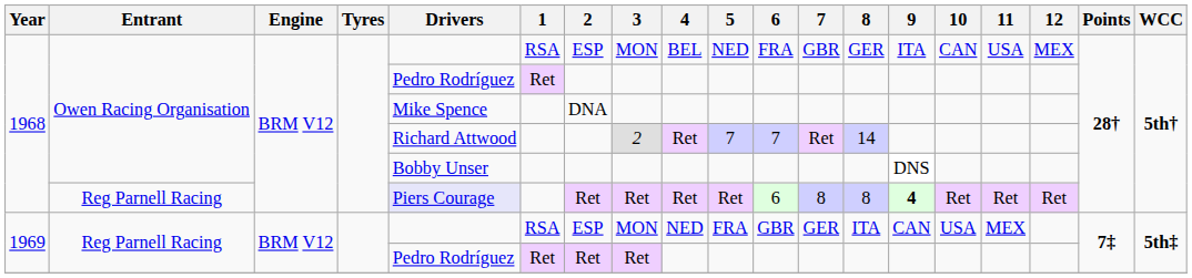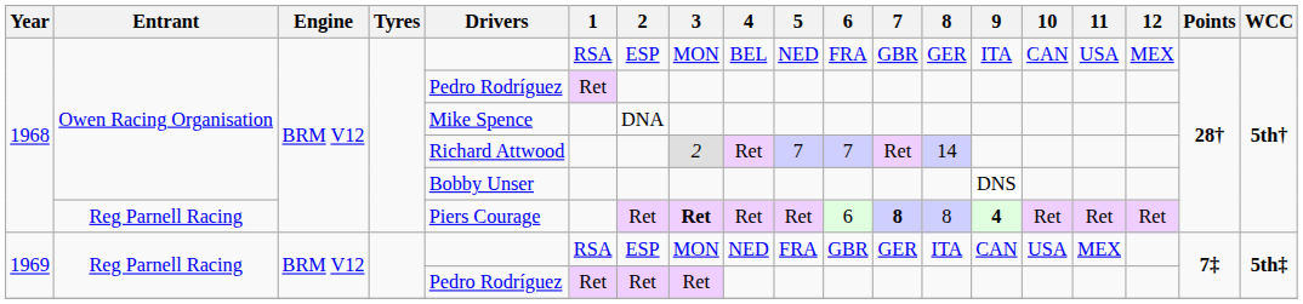 <table class="wikitable" style="text-align:center; font-size:95%">
 <tr>
 <th>Year</th>
 <th>Entrant</th>
 <th>Engine</th>
 <th>Tyres</th>
 <th>Drivers</th>
 <th>1</th>
 <th>2</th>
 <th>3</th>
 <th>4</th>
 <th>5</th>
 <th>6</th>
 <th>7</th>
 <th>8</th>
 <th>9</th>
 <th>10</th>
 <th>11</th>
 <th>12</th>
 <th>Points</th>
 <th>WCC</th>
 </tr>
 <tr>
 <td rowspan="6"><a href='#'>1968</a></td>
 <td rowspan="5"><a href='#'>Owen Racing Organisation</a></td>
 <td rowspan="6"><a href='#'>BRM</a> <a href='#'>V12</a></td>
 <td rowspan="6"></td>
 <td></td>
 <td><a href='#'>RSA</a></td>
 <td><a href='#'>ESP</a></td>
 <td><a href='#'>MON</a></td>
 <td><a href='#'>BEL</a></td>
 <td><a href='#'>NED</a></td>
 <td><a href='#'>FRA</a></td>
 <td><a href='#'>GBR</a></td>
 <td><a href='#'>GER</a></td>
 <td><a href='#'>ITA</a></td>
 <td><a href='#'>CAN</a></td>
 <td><a href='#'>USA</a></td>
 <td><a href='#'>MEX</a></td>
 <td rowspan="6"><strong>28†</strong></td>
 <td rowspan="6"><strong>5th†</strong></td>
 </tr>
 <tr>
 <td align="left"><a href='#'>Pedro Rodríguez</a></td>
 <td style="background:#EFCFFF;">Ret</td>
 <td></td>
 <td></td>
 <td></td>
 <td></td>
 <td></td>
 <td></td>
 <td></td>
 <td></td>
 <td></td>
 <td></td>
 <td></td>
 </tr>
 <tr>
 <td align="left"><a href='#'>Mike Spence</a></td>
 <td></td>
 <td>DNA</td>
 <td></td>
 <td></td>
 <td></td>
 <td></td>
 <td></td>
 <td></td>
 <td></td>
 <td></td>
 <td></td>
 </tr>
 <tr>
 <td align="left"><a href='#'>Richard Attwood</a></td>
 <td></td>
 <td></td>
 <td style="background:#DFDFDF;"><em>2</em></td>
 <td style="background:#EFCFFF;">Ret</td>
 <td style="background:#CFCFFF;">7</td>
 <td style="background:#CFCFFF;">7</td>
 <td style="background:#EFCFFF;">Ret</td>
 <td style="background:#CFCFFF;">14</td>
 <td></td>
 <td></td>
 <td></td>
 <td></td>
 </tr>
 <tr>
 <td align="left"><a href='#'>Bobby Unser</a></td>
 <td></td>
 <td></td>
 <td></td>
 <td></td>
 <td></td>
 <td></td>
 <td></td>
 <td></td>
 <td style="background:#FFFFFF;">DNS</td>
 <td></td>
 <td></td>
 <td></td>
 </tr>
 <tr>
 <td><a href='#'>Reg Parnell Racing</a></td>
-<td align="left" style="background: lavender;"><a href='#'>Piers Courage</a></td>
+<td align="left"><a href='#'>Piers Courage</a></td>
 <td></td>
 <td style="background:#EFCFFF;">Ret</td>
-<td style="background:#EFCFFF;">Ret</td>
+<td style="background:#EFCFFF;"><strong>Ret</strong></td>
 <td style="background:#EFCFFF;">Ret</td>
 <td style="background:#EFCFFF;">Ret</td>
 <td style="background:#DFFFDF;">6</td>
-<td style="background:#CFCFFF;">8</td>
+<td style="background:#CFCFFF;"><strong>8</strong></td>
 <td style="background:#CFCFFF;">8</td>
 <td style="background:#DFFFDF;"><strong>4</strong></td>
 <td style="background:#EFCFFF;">Ret</td>
 <td style="background:#EFCFFF;">Ret</td>
 <td style="background:#EFCFFF;">Ret</td>
 </tr>
 <tr>
 <td rowspan="2"><a href='#'>1969</a></td>
 <td rowspan="2"><a href='#'>Reg Parnell Racing</a></td>
 <td rowspan="2"><a href='#'>BRM</a> <a href='#'>V12</a></td>
 <td rowspan="2"></td>
 <td></td>
 <td><a href='#'>RSA</a></td>
 <td><a href='#'>ESP</a></td>
 <td><a href='#'>MON</a></td>
 <td><a href='#'>NED</a></td>
 <td><a href='#'>FRA</a></td>
 <td><a href='#'>GBR</a></td>
 <td><a href='#'>GER</a></td>
 <td><a href='#'>ITA</a></td>
 <td><a href='#'>CAN</a></td>
 <td><a href='#'>USA</a></td>
 <td><a href='#'>MEX</a></td>
 <td></td>
 <td rowspan="2"><strong>7‡</strong></td>
 <td rowspan="2"><strong>5th‡</strong></td>
 </tr>
 <tr>
 <td align="left"><a href='#'>Pedro Rodríguez</a></td>
 <td style="background:#EFCFFF;">Ret</td>
 <td style="background:#EFCFFF;">Ret</td>
 <td style="background:#EFCFFF;">Ret</td>
 <td></td>
 <td></td>
 <td></td>
 <td></td>
 <td></td>
 <td></td>
 <td></td>
 <td></td>
 <td></td>
 </tr>
 <tr>
 </tr>
 </table>
